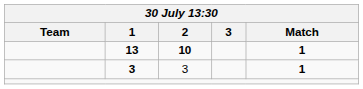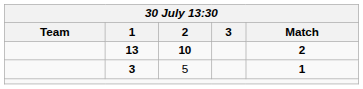 <table class=wikitable style="text-align:center; width: 55%">
 <tr>
 <th colspan=10><em>30 July 13:30</em></th>
 </tr>
 <tr>
 <th>Team</th>
 <th>1</th>
 <th>2</th>
 <th>3</th>
 <th>Match</th>
 </tr>
 <tr>
 <td align=left><strong><br></strong></td>
 <td><strong>13</strong></td>
 <td><strong>10</strong></td>
 <td></td>
-<td><strong>1</strong></td>
+<td><strong>2</strong></td>
 </tr>
 <tr>
 <td align=left><br></td>
 <td><strong>3</strong></td>
-<td>3</td>
+<td>5</td>
 <td></td>
 <td><strong>1</strong></td>
 </tr>
 <tr>
 <td colspan=10></td>
 </tr>
 </table>
